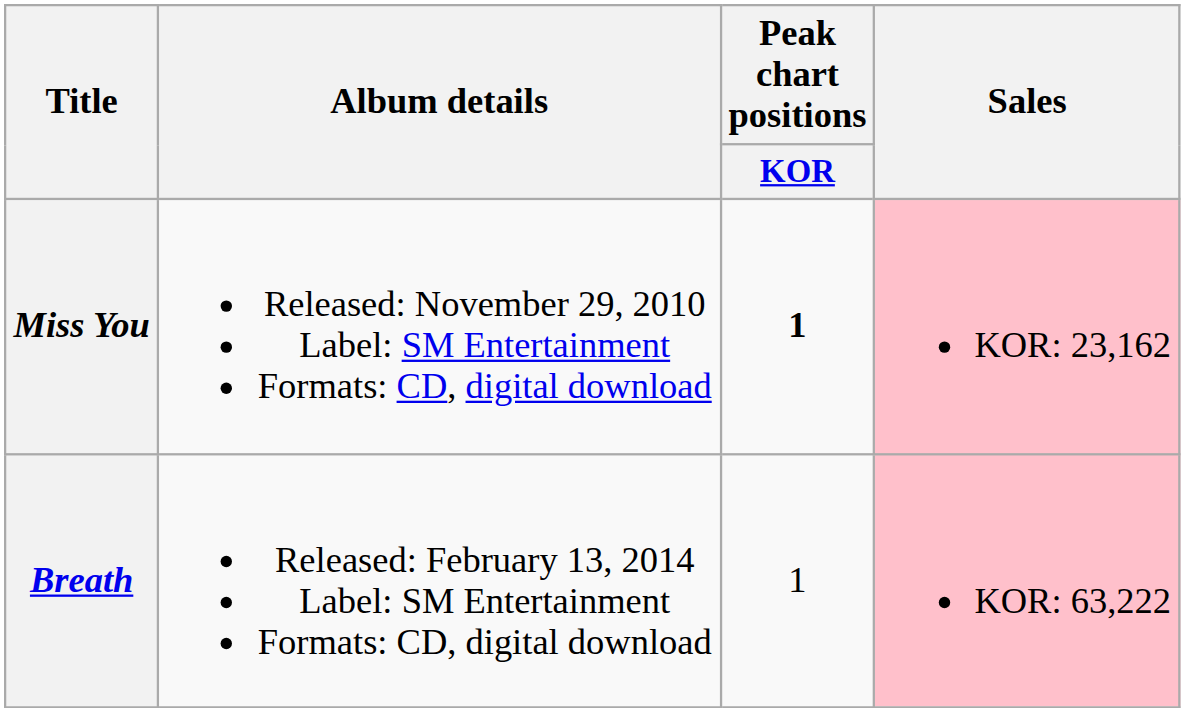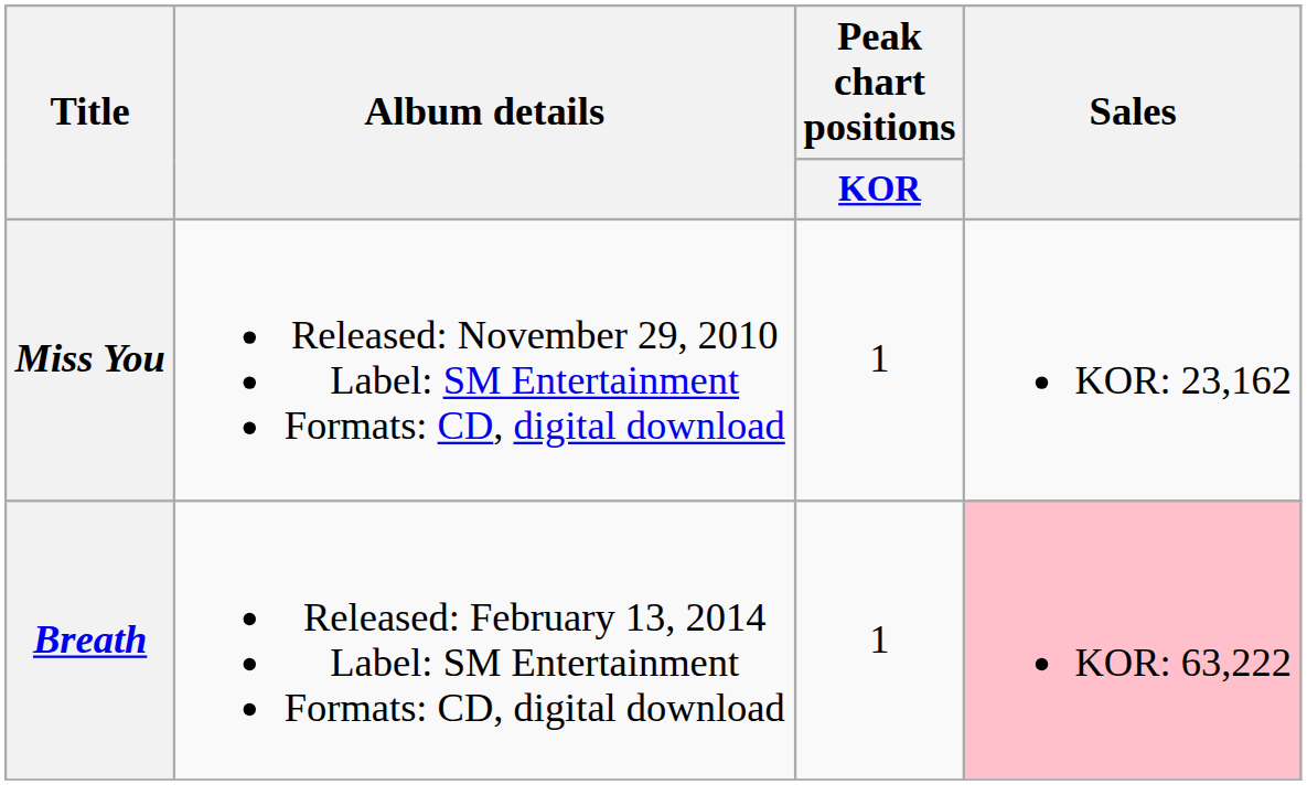 <table class="wikitable plainrowheaders" style="text-align:center;">
 <tr>
 <th scope="col" rowspan="2">Title</th>
 <th scope="col" rowspan="2">Album details</th>
 <th scope="col" colspan="1">Peak chart positions</th>
 <th scope="col" rowspan="2">Sales</th>
 </tr>
 <tr>
 <th scope="col" style="width:2.5em;font-size:90%;"><a href='#'>KOR</a><br></th>
 </tr>
 <tr>
 <th scope="row"><em>Miss You</em></th>
 <td><br><ul><li>Released: November 29, 2010</li><li>Label: <a href='#'>SM Entertainment</a></li><li>Formats: <a href='#'>CD</a>, <a href='#'>digital download</a></li></ul></td>
-<td><strong>1</strong></td>
-<td style="background: pink;"><br><ul><li>KOR: 23,162</li></ul></td>
+<td>1</td>
+<td><br><ul><li>KOR: 23,162</li></ul></td>
 </tr>
 <tr>
 <th scope="row"><em><a href='#'>Breath</a></em></th>
 <td><br><ul><li>Released: February 13, 2014</li><li>Label: SM Entertainment</li><li>Formats: CD, digital download</li></ul></td>
 <td>1</td>
 <td style="background: pink;"><br><ul><li>KOR: 63,222</li></ul></td>
 </tr>
 </table>
